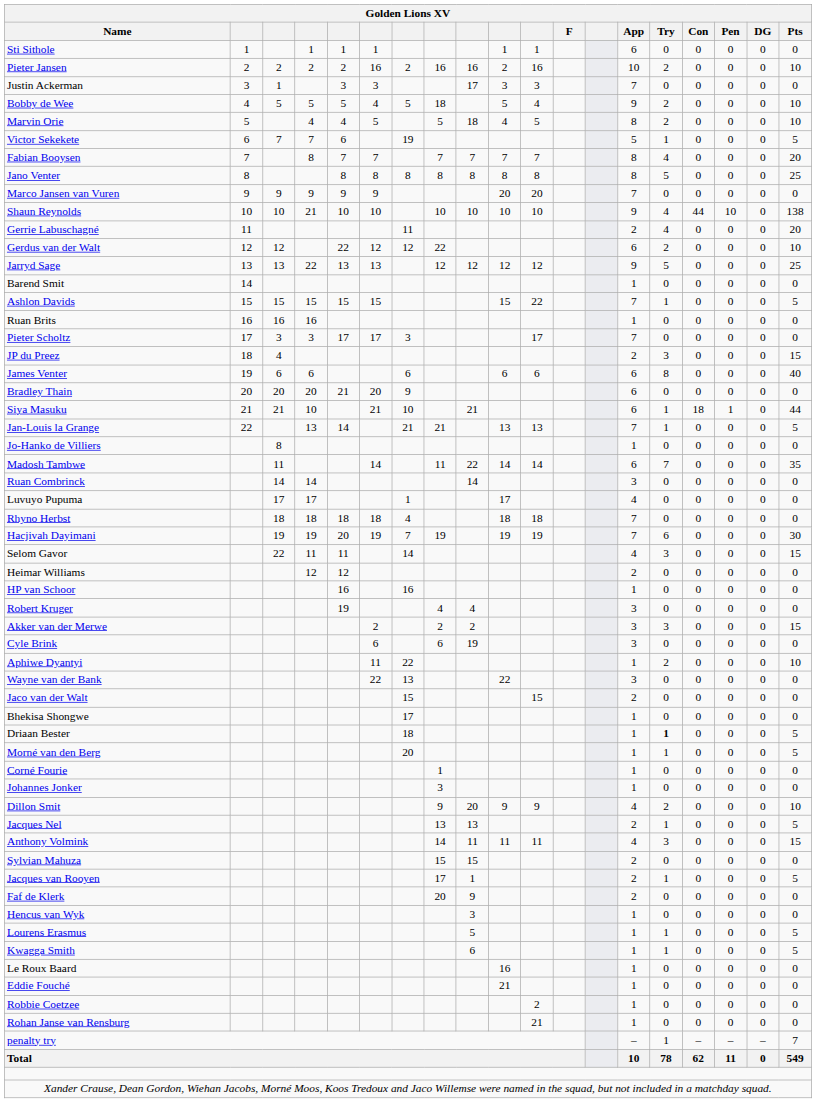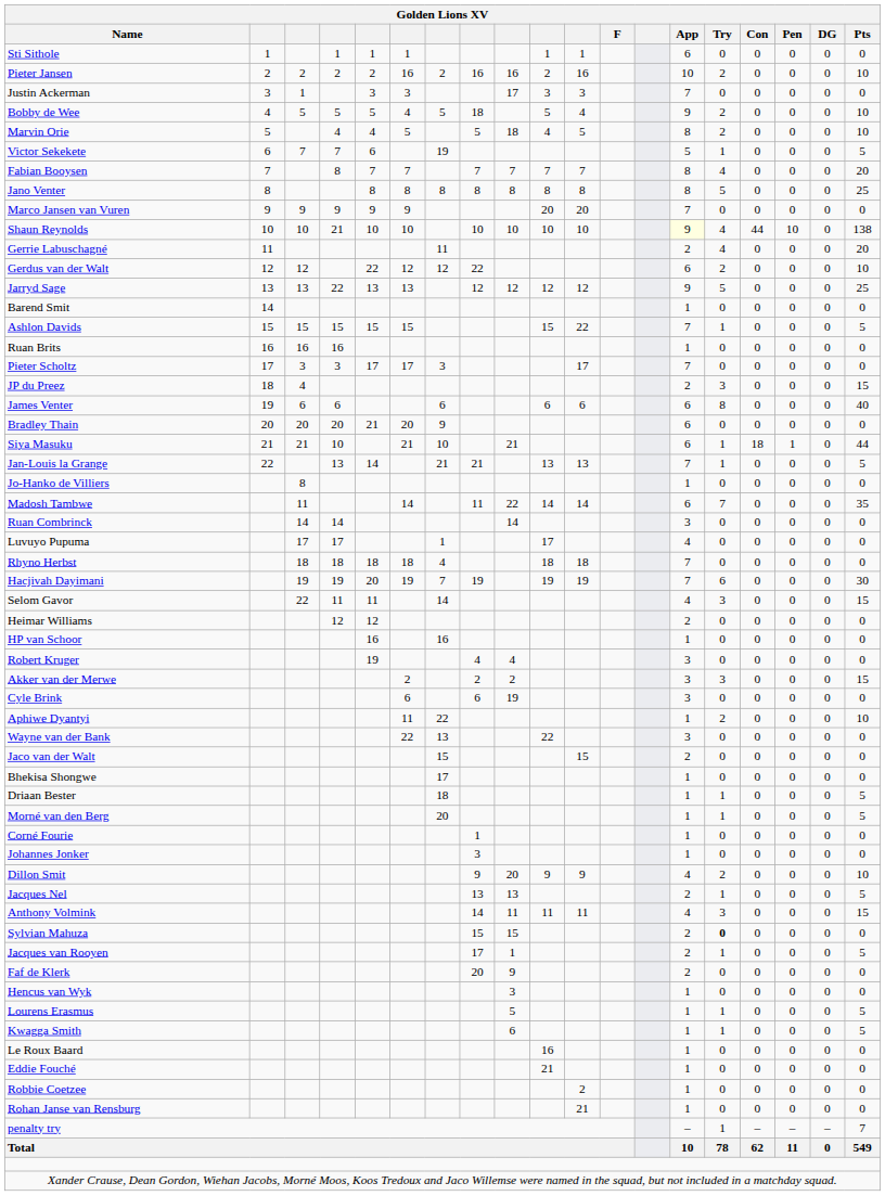 <table class="wikitable collapsible collapsed" style="text-align:center; font-size:100%; width:90%">
 <tr>
 <th colspan="100%">Golden Lions XV</th>
 </tr>
 <tr>
 <th style="width:28%;">Name</th>
 <th style="width:4%;"></th>
 <th style="width:4%;"></th>
 <th style="width:4%;"></th>
 <th style="width:4%;"></th>
 <th style="width:4%;"></th>
 <th style="width:4%;"></th>
 <th style="width:4%;"></th>
 <th style="width:4%;"></th>
 <th style="width:4%;"></th>
 <th style="width:4%;"></th>
 <th style="width:4%;">F</th>
 <th style="width:4%;"></th>
 <th style="width:4%;">App</th>
 <th style="width:4%;">Try</th>
 <th style="width:4%;">Con</th>
 <th style="width:4%;">Pen</th>
 <th style="width:4%;">DG</th>
 <th style="width:4%;">Pts</th>
 </tr>
 <tr>
 <td style="text-align:left;"><a href='#'>Sti Sithole</a></td>
 <td>1</td>
 <td></td>
 <td>1</td>
 <td>1</td>
 <td>1</td>
 <td></td>
 <td></td>
 <td></td>
 <td>1</td>
 <td>1</td>
 <td></td>
 <td style="background:#EBECF0;"></td>
 <td>6</td>
 <td>0</td>
 <td>0</td>
 <td>0</td>
 <td>0</td>
 <td>0</td>
 </tr>
 <tr>
 <td style="text-align:left;"><a href='#'>Pieter Jansen</a></td>
 <td>2</td>
 <td>2</td>
 <td>2</td>
 <td>2</td>
 <td>16 </td>
 <td>2</td>
 <td>16 </td>
 <td>16 </td>
 <td>2</td>
 <td>16 </td>
 <td></td>
 <td style="background:#EBECF0;"></td>
 <td>10</td>
 <td>2</td>
 <td>0</td>
 <td>0</td>
 <td>0</td>
 <td>10</td>
 </tr>
 <tr>
 <td style="text-align:left;">Justin Ackerman</td>
 <td>3</td>
 <td>1</td>
 <td></td>
 <td>3</td>
 <td>3</td>
 <td></td>
 <td></td>
 <td>17 </td>
 <td>3</td>
 <td>3</td>
 <td></td>
 <td style="background:#EBECF0;"></td>
 <td>7</td>
 <td>0</td>
 <td>0</td>
 <td>0</td>
 <td>0</td>
 <td>0</td>
 </tr>
 <tr>
 <td style="text-align:left;"><a href='#'>Bobby de Wee</a></td>
 <td>4</td>
 <td>5</td>
 <td>5</td>
 <td>5</td>
 <td>4</td>
 <td>5</td>
 <td>18 </td>
 <td></td>
 <td>5</td>
 <td>4</td>
 <td></td>
 <td style="background:#EBECF0;"></td>
 <td>9</td>
 <td>2</td>
 <td>0</td>
 <td>0</td>
 <td>0</td>
 <td>10</td>
 </tr>
 <tr>
 <td style="text-align:left;"><a href='#'>Marvin Orie</a></td>
 <td>5</td>
 <td></td>
 <td>4</td>
 <td>4</td>
 <td>5</td>
 <td></td>
 <td>5</td>
 <td>18 </td>
 <td>4</td>
 <td>5</td>
 <td></td>
 <td style="background:#EBECF0;"></td>
 <td>8</td>
 <td>2</td>
 <td>0</td>
 <td>0</td>
 <td>0</td>
 <td>10</td>
 </tr>
 <tr>
 <td style="text-align:left;"><a href='#'>Victor Sekekete</a></td>
 <td>6</td>
 <td>7</td>
 <td>7</td>
 <td>6</td>
 <td></td>
 <td>19 </td>
 <td></td>
 <td></td>
 <td></td>
 <td></td>
 <td></td>
 <td style="background:#EBECF0;"></td>
 <td>5</td>
 <td>1</td>
 <td>0</td>
 <td>0</td>
 <td>0</td>
 <td>5</td>
 </tr>
 <tr>
 <td style="text-align:left;"><a href='#'>Fabian Booysen</a></td>
 <td>7</td>
 <td></td>
 <td>8</td>
 <td>7</td>
 <td>7</td>
 <td></td>
 <td>7</td>
 <td>7</td>
 <td>7</td>
 <td>7</td>
 <td></td>
 <td style="background:#EBECF0;"></td>
 <td>8</td>
 <td>4</td>
 <td>0</td>
 <td>0</td>
 <td>0</td>
 <td>20</td>
 </tr>
 <tr>
 <td style="text-align:left;"><a href='#'>Jano Venter</a></td>
 <td>8</td>
 <td></td>
 <td></td>
 <td>8</td>
 <td>8</td>
 <td>8</td>
 <td>8</td>
 <td>8</td>
 <td>8</td>
 <td>8</td>
 <td></td>
 <td style="background:#EBECF0;"></td>
 <td>8</td>
 <td>5</td>
 <td>0</td>
 <td>0</td>
 <td>0</td>
 <td>25</td>
 </tr>
 <tr>
 <td style="text-align:left;"><a href='#'>Marco Jansen van Vuren</a></td>
 <td>9</td>
 <td>9</td>
 <td>9</td>
 <td>9</td>
 <td>9</td>
 <td></td>
 <td></td>
 <td></td>
 <td>20 </td>
 <td>20 </td>
 <td></td>
 <td style="background:#EBECF0;"></td>
 <td>7</td>
 <td>0</td>
 <td>0</td>
 <td>0</td>
 <td>0</td>
 <td>0</td>
 </tr>
 <tr>
 <td style="text-align:left;"><a href='#'>Shaun Reynolds</a></td>
 <td>10</td>
 <td>10</td>
 <td>21 </td>
 <td>10</td>
 <td>10</td>
 <td></td>
 <td>10</td>
 <td>10</td>
 <td>10</td>
 <td>10</td>
 <td></td>
 <td style="background:#EBECF0;"></td>
-<td>9</td>
+<td style="background: lightyellow;">9</td>
 <td>4</td>
 <td>44</td>
 <td>10</td>
 <td>0</td>
 <td>138</td>
 </tr>
 <tr>
 <td style="text-align:left;"><a href='#'>Gerrie Labuschagné</a></td>
 <td>11</td>
 <td></td>
 <td></td>
 <td></td>
 <td></td>
 <td>11</td>
 <td></td>
 <td></td>
 <td></td>
 <td></td>
 <td></td>
 <td style="background:#EBECF0;"></td>
 <td>2</td>
 <td>4</td>
 <td>0</td>
 <td>0</td>
 <td>0</td>
 <td>20</td>
 </tr>
 <tr>
 <td style="text-align:left;"><a href='#'>Gerdus van der Walt</a></td>
 <td>12</td>
 <td>12</td>
 <td></td>
 <td>22 </td>
 <td>12</td>
 <td>12</td>
 <td>22 </td>
 <td></td>
 <td></td>
 <td></td>
 <td></td>
 <td style="background:#EBECF0;"></td>
 <td>6</td>
 <td>2</td>
 <td>0</td>
 <td>0</td>
 <td>0</td>
 <td>10</td>
 </tr>
 <tr>
 <td style="text-align:left;"><a href='#'>Jarryd Sage</a></td>
 <td>13</td>
 <td>13</td>
 <td>22 </td>
 <td>13</td>
 <td>13</td>
 <td></td>
 <td>12</td>
 <td>12</td>
 <td>12</td>
 <td>12</td>
 <td></td>
 <td style="background:#EBECF0;"></td>
 <td>9</td>
 <td>5</td>
 <td>0</td>
 <td>0</td>
 <td>0</td>
 <td>25</td>
 </tr>
 <tr>
 <td style="text-align:left;">Barend Smit</td>
 <td>14</td>
 <td></td>
 <td></td>
 <td></td>
 <td></td>
 <td></td>
 <td></td>
 <td></td>
 <td></td>
 <td></td>
 <td></td>
 <td style="background:#EBECF0;"></td>
 <td>1</td>
 <td>0</td>
 <td>0</td>
 <td>0</td>
 <td>0</td>
 <td>0</td>
 </tr>
 <tr>
 <td style="text-align:left;"><a href='#'>Ashlon Davids</a></td>
 <td>15</td>
 <td>15</td>
 <td>15</td>
 <td>15</td>
 <td>15</td>
 <td></td>
 <td></td>
 <td></td>
 <td>15</td>
 <td>22 </td>
 <td></td>
 <td style="background:#EBECF0;"></td>
 <td>7</td>
 <td>1</td>
 <td>0</td>
 <td>0</td>
 <td>0</td>
 <td>5</td>
 </tr>
 <tr>
 <td style="text-align:left;">Ruan Brits</td>
 <td>16</td>
 <td>16 </td>
 <td>16</td>
 <td></td>
 <td></td>
 <td></td>
 <td></td>
 <td></td>
 <td></td>
 <td></td>
 <td></td>
 <td style="background:#EBECF0;"></td>
 <td>1</td>
 <td>0</td>
 <td>0</td>
 <td>0</td>
 <td>0</td>
 <td>0</td>
 </tr>
 <tr>
 <td style="text-align:left;"><a href='#'>Pieter Scholtz</a></td>
 <td>17 </td>
 <td>3</td>
 <td>3</td>
 <td>17 </td>
 <td>17 </td>
 <td>3</td>
 <td></td>
 <td></td>
 <td></td>
 <td>17 </td>
 <td></td>
 <td style="background:#EBECF0;"></td>
 <td>7</td>
 <td>0</td>
 <td>0</td>
 <td>0</td>
 <td>0</td>
 <td>0</td>
 </tr>
 <tr>
 <td style="text-align:left;"><a href='#'>JP du Preez</a></td>
 <td>18 </td>
 <td>4</td>
 <td></td>
 <td></td>
 <td></td>
 <td></td>
 <td></td>
 <td></td>
 <td></td>
 <td></td>
 <td></td>
 <td style="background:#EBECF0;"></td>
 <td>2</td>
 <td>3</td>
 <td>0</td>
 <td>0</td>
 <td>0</td>
 <td>15</td>
 </tr>
 <tr>
 <td style="text-align:left;"><a href='#'>James Venter</a></td>
 <td>19 </td>
 <td>6</td>
 <td>6</td>
 <td></td>
 <td></td>
 <td>6</td>
 <td></td>
 <td></td>
 <td>6</td>
 <td>6</td>
 <td></td>
 <td style="background:#EBECF0;"></td>
 <td>6</td>
 <td>8</td>
 <td>0</td>
 <td>0</td>
 <td>0</td>
 <td>40</td>
 </tr>
 <tr>
 <td style="text-align:left;"><a href='#'>Bradley Thain</a></td>
 <td>20 </td>
 <td>20 </td>
 <td>20 </td>
 <td>21 </td>
 <td>20 </td>
 <td>9</td>
 <td></td>
 <td></td>
 <td></td>
 <td></td>
 <td></td>
 <td style="background:#EBECF0;"></td>
 <td>6</td>
 <td>0</td>
 <td>0</td>
 <td>0</td>
 <td>0</td>
 <td>0</td>
 </tr>
 <tr>
 <td style="text-align:left;"><a href='#'>Siya Masuku</a></td>
 <td>21 </td>
 <td>21 </td>
 <td>10</td>
 <td></td>
 <td>21 </td>
 <td>10</td>
 <td></td>
 <td>21 </td>
 <td></td>
 <td></td>
 <td></td>
 <td style="background:#EBECF0;"></td>
 <td>6</td>
 <td>1</td>
 <td>18</td>
 <td>1</td>
 <td>0</td>
 <td>44</td>
 </tr>
 <tr>
 <td style="text-align:left;"><a href='#'>Jan-Louis la Grange</a></td>
 <td>22 </td>
 <td></td>
 <td>13</td>
 <td>14</td>
 <td></td>
 <td>21 </td>
 <td>21 </td>
 <td></td>
 <td>13</td>
 <td>13</td>
 <td></td>
 <td style="background:#EBECF0;"></td>
 <td>7</td>
 <td>1</td>
 <td>0</td>
 <td>0</td>
 <td>0</td>
 <td>5</td>
 </tr>
 <tr>
 <td style="text-align:left;"><a href='#'>Jo-Hanko de Villiers</a></td>
 <td></td>
 <td>8</td>
 <td></td>
 <td></td>
 <td></td>
 <td></td>
 <td></td>
 <td></td>
 <td></td>
 <td></td>
 <td></td>
 <td style="background:#EBECF0;"></td>
 <td>1</td>
 <td>0</td>
 <td>0</td>
 <td>0</td>
 <td>0</td>
 <td>0</td>
 </tr>
 <tr>
 <td style="text-align:left;"><a href='#'>Madosh Tambwe</a></td>
 <td></td>
 <td>11</td>
 <td></td>
 <td></td>
 <td>14</td>
 <td></td>
 <td>11</td>
 <td>22 </td>
 <td>14</td>
 <td>14</td>
 <td></td>
 <td style="background:#EBECF0;"></td>
 <td>6</td>
 <td>7</td>
 <td>0</td>
 <td>0</td>
 <td>0</td>
 <td>35</td>
 </tr>
 <tr>
 <td style="text-align:left;"><a href='#'>Ruan Combrinck</a></td>
 <td></td>
 <td>14</td>
 <td>14</td>
 <td></td>
 <td></td>
 <td></td>
 <td></td>
 <td>14</td>
 <td></td>
 <td></td>
 <td></td>
 <td style="background:#EBECF0;"></td>
 <td>3</td>
 <td>0</td>
 <td>0</td>
 <td>0</td>
 <td>0</td>
 <td>0</td>
 </tr>
 <tr>
 <td style="text-align:left;">Luvuyo Pupuma</td>
 <td></td>
 <td>17 </td>
 <td>17 </td>
 <td></td>
 <td></td>
 <td>1</td>
 <td></td>
 <td></td>
 <td>17 </td>
 <td></td>
 <td></td>
 <td style="background:#EBECF0;"></td>
 <td>4</td>
 <td>0</td>
 <td>0</td>
 <td>0</td>
 <td>0</td>
 <td>0</td>
 </tr>
 <tr>
 <td style="text-align:left;"><a href='#'>Rhyno Herbst</a></td>
 <td></td>
 <td>18 </td>
 <td>18 </td>
 <td>18 </td>
 <td>18 </td>
 <td>4</td>
 <td></td>
 <td></td>
 <td>18 </td>
 <td>18 </td>
 <td></td>
 <td style="background:#EBECF0;"></td>
 <td>7</td>
 <td>0</td>
 <td>0</td>
 <td>0</td>
 <td>0</td>
 <td>0</td>
 </tr>
 <tr>
 <td style="text-align:left;"><a href='#'>Hacjivah Dayimani</a></td>
 <td></td>
 <td>19 </td>
 <td>19</td>
 <td>20 </td>
 <td>19 </td>
 <td>7</td>
 <td>19 </td>
 <td></td>
 <td>19 </td>
 <td>19 </td>
 <td></td>
 <td style="background:#EBECF0;"></td>
 <td>7</td>
 <td>6</td>
 <td>0</td>
 <td>0</td>
 <td>0</td>
 <td>30</td>
 </tr>
 <tr>
 <td style="text-align:left;">Selom Gavor</td>
 <td></td>
 <td>22 </td>
 <td>11</td>
 <td>11</td>
 <td></td>
 <td>14</td>
 <td></td>
 <td></td>
 <td></td>
 <td></td>
 <td></td>
 <td style="background:#EBECF0;"></td>
 <td>4</td>
 <td>3</td>
 <td>0</td>
 <td>0</td>
 <td>0</td>
 <td>15</td>
 </tr>
 <tr>
 <td style="text-align:left;">Heimar Williams</td>
 <td></td>
 <td></td>
 <td>12</td>
 <td>12</td>
 <td></td>
 <td></td>
 <td></td>
 <td></td>
 <td></td>
 <td></td>
 <td></td>
 <td style="background:#EBECF0;"></td>
 <td>2</td>
 <td>0</td>
 <td>0</td>
 <td>0</td>
 <td>0</td>
 <td>0</td>
 </tr>
 <tr>
 <td style="text-align:left;"><a href='#'>HP van Schoor</a></td>
 <td></td>
 <td></td>
 <td></td>
 <td>16</td>
 <td></td>
 <td>16 </td>
 <td></td>
 <td></td>
 <td></td>
 <td></td>
 <td></td>
 <td style="background:#EBECF0;"></td>
 <td>1</td>
 <td>0</td>
 <td>0</td>
 <td>0</td>
 <td>0</td>
 <td>0</td>
 </tr>
 <tr>
 <td style="text-align:left;"><a href='#'>Robert Kruger</a></td>
 <td></td>
 <td></td>
 <td></td>
 <td>19 </td>
 <td></td>
 <td></td>
 <td>4</td>
 <td>4</td>
 <td></td>
 <td></td>
 <td></td>
 <td style="background:#EBECF0;"></td>
 <td>3</td>
 <td>0</td>
 <td>0</td>
 <td>0</td>
 <td>0</td>
 <td>0</td>
 </tr>
 <tr>
 <td style="text-align:left;"><a href='#'>Akker van der Merwe</a></td>
 <td></td>
 <td></td>
 <td></td>
 <td></td>
 <td>2</td>
 <td></td>
 <td>2</td>
 <td>2</td>
 <td></td>
 <td></td>
 <td></td>
 <td style="background:#EBECF0;"></td>
 <td>3</td>
 <td>3</td>
 <td>0</td>
 <td>0</td>
 <td>0</td>
 <td>15</td>
 </tr>
 <tr>
 <td style="text-align:left;"><a href='#'>Cyle Brink</a></td>
 <td></td>
 <td></td>
 <td></td>
 <td></td>
 <td>6</td>
 <td></td>
 <td>6</td>
 <td>19 </td>
 <td></td>
 <td></td>
 <td></td>
 <td style="background:#EBECF0;"></td>
 <td>3</td>
 <td>0</td>
 <td>0</td>
 <td>0</td>
 <td>0</td>
 <td>0</td>
 </tr>
 <tr>
 <td style="text-align:left;"><a href='#'>Aphiwe Dyantyi</a></td>
 <td></td>
 <td></td>
 <td></td>
 <td></td>
 <td>11</td>
 <td>22</td>
 <td></td>
 <td></td>
 <td></td>
 <td></td>
 <td></td>
 <td style="background:#EBECF0;"></td>
 <td>1</td>
 <td>2</td>
 <td>0</td>
 <td>0</td>
 <td>0</td>
 <td>10</td>
 </tr>
 <tr>
 <td style="text-align:left;"><a href='#'>Wayne van der Bank</a></td>
 <td></td>
 <td></td>
 <td></td>
 <td></td>
 <td>22 </td>
 <td>13</td>
 <td></td>
 <td></td>
 <td>22 </td>
 <td></td>
 <td></td>
 <td style="background:#EBECF0;"></td>
 <td>3</td>
 <td>0</td>
 <td>0</td>
 <td>0</td>
 <td>0</td>
 <td>0</td>
 </tr>
 <tr>
 <td style="text-align:left;"><a href='#'>Jaco van der Walt</a></td>
 <td></td>
 <td></td>
 <td></td>
 <td></td>
 <td></td>
 <td>15</td>
 <td></td>
 <td></td>
 <td></td>
 <td>15</td>
 <td></td>
 <td style="background:#EBECF0;"></td>
 <td>2</td>
 <td>0</td>
 <td>0</td>
 <td>0</td>
 <td>0</td>
 <td>0</td>
 </tr>
 <tr>
 <td style="text-align:left;">Bhekisa Shongwe</td>
 <td></td>
 <td></td>
 <td></td>
 <td></td>
 <td></td>
 <td>17 </td>
 <td></td>
 <td></td>
 <td></td>
 <td></td>
 <td></td>
 <td style="background:#EBECF0;"></td>
 <td>1</td>
 <td>0</td>
 <td>0</td>
 <td>0</td>
 <td>0</td>
 <td>0</td>
 </tr>
 <tr>
 <td style="text-align:left;">Driaan Bester</td>
 <td></td>
 <td></td>
 <td></td>
 <td></td>
 <td></td>
 <td>18 </td>
 <td></td>
 <td></td>
 <td></td>
 <td></td>
 <td></td>
 <td style="background:#EBECF0;"></td>
 <td>1</td>
-<td><strong>1</strong></td>
+<td>1</td>
 <td>0</td>
 <td>0</td>
 <td>0</td>
 <td>5</td>
 </tr>
 <tr>
 <td style="text-align:left;"><a href='#'>Morné van den Berg</a></td>
 <td></td>
 <td></td>
 <td></td>
 <td></td>
 <td></td>
 <td>20 </td>
 <td></td>
 <td></td>
 <td></td>
 <td></td>
 <td></td>
 <td style="background:#EBECF0;"></td>
 <td>1</td>
 <td>1</td>
 <td>0</td>
 <td>0</td>
 <td>0</td>
 <td>5</td>
 </tr>
 <tr>
 <td style="text-align:left;"><a href='#'>Corné Fourie</a></td>
 <td></td>
 <td></td>
 <td></td>
 <td></td>
 <td></td>
 <td></td>
 <td>1</td>
 <td></td>
 <td></td>
 <td></td>
 <td></td>
 <td style="background:#EBECF0;"></td>
 <td>1</td>
 <td>0</td>
 <td>0</td>
 <td>0</td>
 <td>0</td>
 <td>0</td>
 </tr>
 <tr>
 <td style="text-align:left;"><a href='#'>Johannes Jonker</a></td>
 <td></td>
 <td></td>
 <td></td>
 <td></td>
 <td></td>
 <td></td>
 <td>3</td>
 <td></td>
 <td></td>
 <td></td>
 <td></td>
 <td style="background:#EBECF0;"></td>
 <td>1</td>
 <td>0</td>
 <td>0</td>
 <td>0</td>
 <td>0</td>
 <td>0</td>
 </tr>
 <tr>
 <td style="text-align:left;"><a href='#'>Dillon Smit</a></td>
 <td></td>
 <td></td>
 <td></td>
 <td></td>
 <td></td>
 <td></td>
 <td>9</td>
 <td>20 </td>
 <td>9</td>
 <td>9</td>
 <td></td>
 <td style="background:#EBECF0;"></td>
 <td>4</td>
 <td>2</td>
 <td>0</td>
 <td>0</td>
 <td>0</td>
 <td>10</td>
 </tr>
 <tr>
 <td style="text-align:left;"><a href='#'>Jacques Nel</a></td>
 <td></td>
 <td></td>
 <td></td>
 <td></td>
 <td></td>
 <td></td>
 <td>13</td>
 <td>13</td>
 <td></td>
 <td></td>
 <td></td>
 <td style="background:#EBECF0;"></td>
 <td>2</td>
 <td>1</td>
 <td>0</td>
 <td>0</td>
 <td>0</td>
 <td>5</td>
 </tr>
 <tr>
 <td style="text-align:left;"><a href='#'>Anthony Volmink</a></td>
 <td></td>
 <td></td>
 <td></td>
 <td></td>
 <td></td>
 <td></td>
 <td>14</td>
 <td>11</td>
 <td>11</td>
 <td>11</td>
 <td></td>
 <td style="background:#EBECF0;"></td>
 <td>4</td>
 <td>3</td>
 <td>0</td>
 <td>0</td>
 <td>0</td>
 <td>15</td>
 </tr>
 <tr>
 <td style="text-align:left;"><a href='#'>Sylvian Mahuza</a></td>
 <td></td>
 <td></td>
 <td></td>
 <td></td>
 <td></td>
 <td></td>
 <td>15</td>
 <td>15</td>
 <td></td>
 <td></td>
 <td></td>
 <td style="background:#EBECF0;"></td>
 <td>2</td>
-<td>0</td>
+<td><strong>0</strong></td>
 <td>0</td>
 <td>0</td>
 <td>0</td>
 <td>0</td>
 </tr>
 <tr>
 <td style="text-align:left;"><a href='#'>Jacques van Rooyen</a></td>
 <td></td>
 <td></td>
 <td></td>
 <td></td>
 <td></td>
 <td></td>
 <td>17 </td>
 <td>1</td>
 <td></td>
 <td></td>
 <td></td>
 <td style="background:#EBECF0;"></td>
 <td>2</td>
 <td>1</td>
 <td>0</td>
 <td>0</td>
 <td>0</td>
 <td>5</td>
 </tr>
 <tr>
 <td style="text-align:left;"><a href='#'>Faf de Klerk</a></td>
 <td></td>
 <td></td>
 <td></td>
 <td></td>
 <td></td>
 <td></td>
 <td>20 </td>
 <td>9</td>
 <td></td>
 <td></td>
 <td></td>
 <td style="background:#EBECF0;"></td>
 <td>2</td>
 <td>0</td>
 <td>0</td>
 <td>0</td>
 <td>0</td>
 <td>0</td>
 </tr>
 <tr>
 <td style="text-align:left;"><a href='#'>Hencus van Wyk</a></td>
 <td></td>
 <td></td>
 <td></td>
 <td></td>
 <td></td>
 <td></td>
 <td></td>
 <td>3</td>
 <td></td>
 <td></td>
 <td></td>
 <td style="background:#EBECF0;"></td>
 <td>1</td>
 <td>0</td>
 <td>0</td>
 <td>0</td>
 <td>0</td>
 <td>0</td>
 </tr>
 <tr>
 <td style="text-align:left;"><a href='#'>Lourens Erasmus</a></td>
 <td></td>
 <td></td>
 <td></td>
 <td></td>
 <td></td>
 <td></td>
 <td></td>
 <td>5</td>
 <td></td>
 <td></td>
 <td></td>
 <td style="background:#EBECF0;"></td>
 <td>1</td>
 <td>1</td>
 <td>0</td>
 <td>0</td>
 <td>0</td>
 <td>5</td>
 </tr>
 <tr>
 <td style="text-align:left;"><a href='#'>Kwagga Smith</a></td>
 <td></td>
 <td></td>
 <td></td>
 <td></td>
 <td></td>
 <td></td>
 <td></td>
 <td>6</td>
 <td></td>
 <td></td>
 <td></td>
 <td style="background:#EBECF0;"></td>
 <td>1</td>
 <td>1</td>
 <td>0</td>
 <td>0</td>
 <td>0</td>
 <td>5</td>
 </tr>
 <tr>
 <td style="text-align:left;">Le Roux Baard</td>
 <td></td>
 <td></td>
 <td></td>
 <td></td>
 <td></td>
 <td></td>
 <td></td>
 <td></td>
 <td>16 </td>
 <td></td>
 <td></td>
 <td style="background:#EBECF0;"></td>
 <td>1</td>
 <td>0</td>
 <td>0</td>
 <td>0</td>
 <td>0</td>
 <td>0</td>
 </tr>
 <tr>
 <td style="text-align:left;"><a href='#'>Eddie Fouché</a></td>
 <td></td>
 <td></td>
 <td></td>
 <td></td>
 <td></td>
 <td></td>
 <td></td>
 <td></td>
 <td>21 </td>
 <td></td>
 <td></td>
 <td style="background:#EBECF0;"></td>
 <td>1</td>
 <td>0</td>
 <td>0</td>
 <td>0</td>
 <td>0</td>
 <td>0</td>
 </tr>
 <tr>
 <td style="text-align:left;"><a href='#'>Robbie Coetzee</a></td>
 <td></td>
 <td></td>
 <td></td>
 <td></td>
 <td></td>
 <td></td>
 <td></td>
 <td></td>
 <td></td>
 <td>2</td>
 <td></td>
 <td style="background:#EBECF0;"></td>
 <td>1</td>
 <td>0</td>
 <td>0</td>
 <td>0</td>
 <td>0</td>
 <td>0</td>
 </tr>
 <tr>
 <td style="text-align:left;"><a href='#'>Rohan Janse van Rensburg</a></td>
 <td></td>
 <td></td>
 <td></td>
 <td></td>
 <td></td>
 <td></td>
 <td></td>
 <td></td>
 <td></td>
 <td>21 </td>
 <td></td>
 <td style="background:#EBECF0;"></td>
 <td>1</td>
 <td>0</td>
 <td>0</td>
 <td>0</td>
 <td>0</td>
 <td>0</td>
 </tr>
 <tr>
 <td colspan="12" style="text-align:left;"><a href='#'>penalty try</a></td>
 <td style="background:#EBECF0;"></td>
 <td>–</td>
 <td>1</td>
 <td>–</td>
 <td>–</td>
 <td>–</td>
 <td>7</td>
 </tr>
 <tr>
 <th colspan="12" style="text-align:left;">Total</th>
 <th style="background:#EBECF0;"></th>
 <th>10</th>
 <th>78</th>
 <th>62</th>
 <th>11</th>
 <th>0</th>
 <th>549</th>
 </tr>
 <tr class="sortbottom">
 <td colspan="100%" style="height: 10px;"></td>
 </tr>
 <tr class="sortbottom">
 <td colspan="100%" style="text-align:center;"><em>Xander Crause, Dean Gordon, Wiehan Jacobs, Morné Moos, Koos Tredoux and Jaco Willemse were named in the squad, but not included in a matchday squad.</em></td>
 </tr>
 </table>
